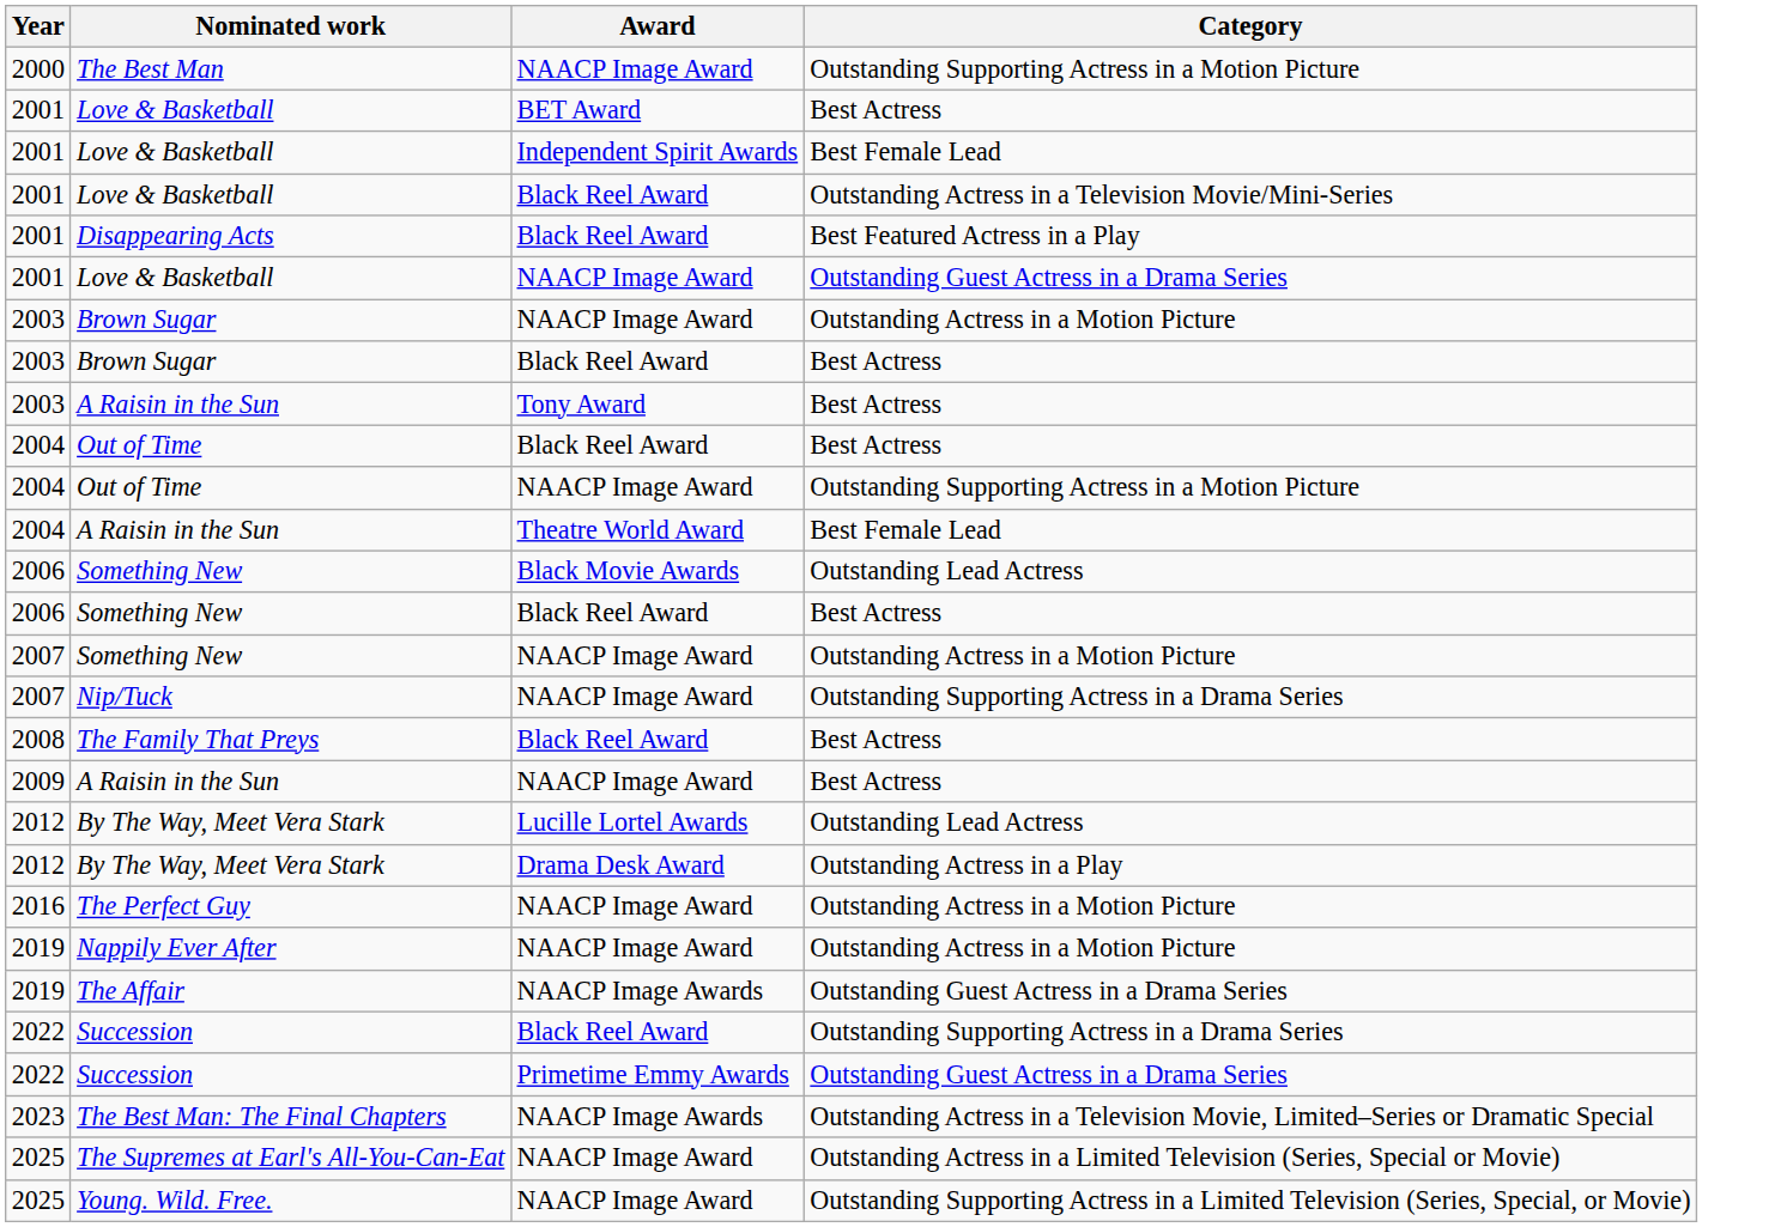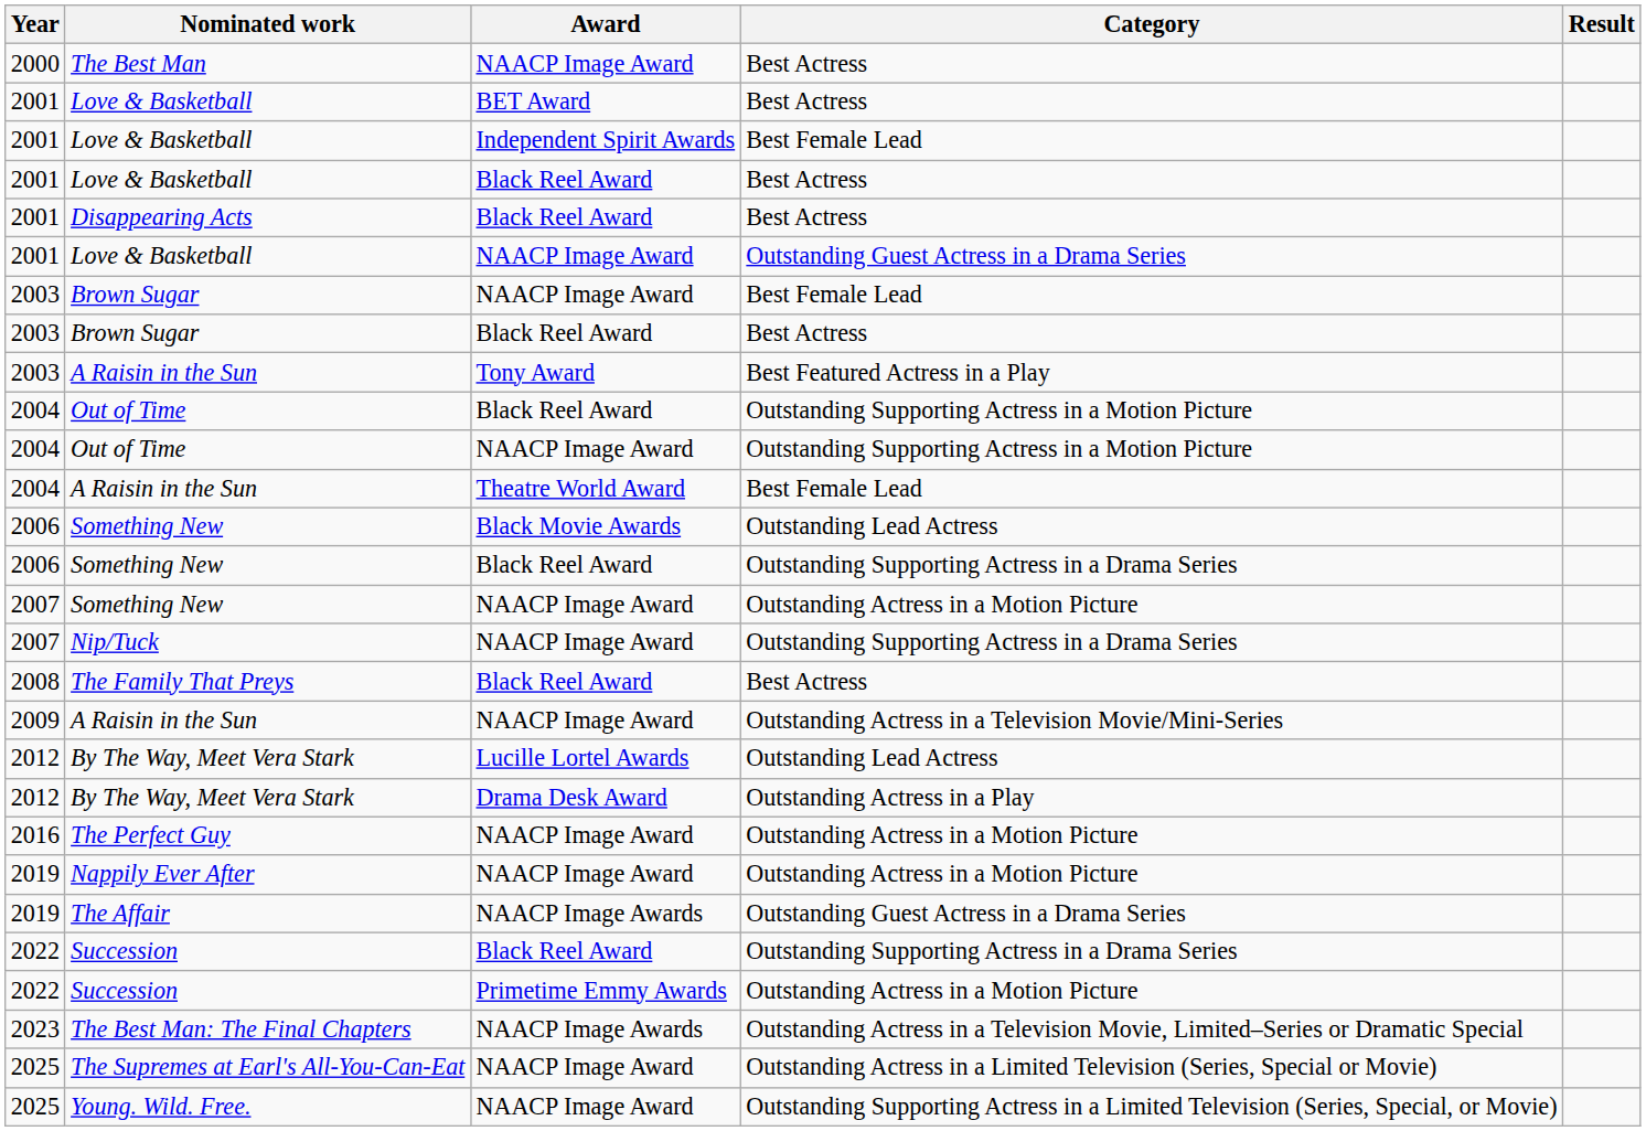 <table class="wikitable">
 <tr>
 <th>Year</th>
 <th>Nominated work</th>
 <th>Award</th>
 <th>Category</th>
+<th>Result</th>
 </tr>
 <tr>
 <td style=“text-aligh:center;”>2000</td>
 <td><em><a href='#'>The Best Man</a></em></td>
 <td><a href='#'>NAACP Image Award</a></td>
-<td>Outstanding Supporting Actress in a Motion Picture</td>
+<td>Best Actress</td>
+<td></td>
 </tr>
 <tr>
 <td style="text-align:center;">2001</td>
 <td><em><a href='#'>Love & Basketball</a></em></td>
 <td><a href='#'>BET Award</a></td>
 <td>Best Actress</td>
+<td></td>
 </tr>
 <tr>
 <td style="text-align:center;">2001</td>
 <td><em>Love & Basketball</em></td>
 <td><a href='#'>Independent Spirit Awards</a></td>
 <td>Best Female Lead</td>
+<td></td>
 </tr>
 <tr>
 <td style="text-align:center;">2001</td>
 <td><em>Love & Basketball</em></td>
 <td><a href='#'>Black Reel Award</a></td>
-<td>Outstanding Actress in a Television Movie/Mini-Series</td>
+<td>Best Actress</td>
+<td></td>
 </tr>
 <tr>
 <td style="text-align:center;">2001</td>
 <td><em><a href='#'>Disappearing Acts</a></em></td>
 <td><a href='#'>Black Reel Award</a></td>
-<td>Best Featured Actress in a Play</td>
+<td>Best Actress</td>
+<td></td>
 </tr>
 <tr>
 <td style="text-align:center;">2001</td>
 <td><em>Love & Basketball</em></td>
 <td><a href='#'>NAACP Image Award</a></td>
 <td><a href='#'>Outstanding Guest Actress in a Drama Series</a></td>
+<td></td>
 </tr>
 <tr>
 <td style="text-align:center;">2003</td>
 <td><em><a href='#'>Brown Sugar</a></em></td>
 <td>NAACP Image Award</td>
-<td>Outstanding Actress in a Motion Picture</td>
+<td>Best Female Lead</td>
+<td></td>
 </tr>
 <tr>
 <td style="text-align:center;">2003</td>
 <td><em>Brown Sugar</em></td>
 <td>Black Reel Award</td>
 <td>Best Actress</td>
+<td></td>
 </tr>
 <tr>
 <td style="text-align:center;">2003</td>
 <td><em><a href='#'>A Raisin in the Sun</a></em></td>
 <td><a href='#'>Tony Award</a></td>
-<td>Best Actress</td>
+<td>Best Featured Actress in a Play</td>
+<td></td>
 </tr>
 <tr>
 <td style="text-align:center;">2004</td>
 <td><em><a href='#'>Out of Time</a></em></td>
 <td>Black Reel Award</td>
-<td>Best Actress</td>
+<td>Outstanding Supporting Actress in a Motion Picture</td>
+<td></td>
 </tr>
 <tr>
 <td style="text-align:center;">2004</td>
 <td><em>Out of Time</em></td>
 <td>NAACP Image Award</td>
 <td>Outstanding Supporting Actress in a Motion Picture</td>
+<td></td>
 </tr>
 <tr>
 <td style="text-align:center;">2004</td>
 <td><em>A Raisin in the Sun</em></td>
 <td><a href='#'>Theatre World Award</a></td>
 <td>Best Female Lead</td>
+<td></td>
 </tr>
 <tr>
 <td style="text-align:center;">2006</td>
 <td><em><a href='#'>Something New</a></em></td>
 <td><a href='#'>Black Movie Awards</a></td>
 <td>Outstanding Lead Actress</td>
+<td></td>
 </tr>
 <tr>
 <td style="text-align:center;">2006</td>
 <td><em>Something New</em></td>
 <td>Black Reel Award</td>
-<td>Best Actress</td>
+<td>Outstanding Supporting Actress in a Drama Series</td>
+<td></td>
 </tr>
 <tr>
 <td style="text-align:center;">2007</td>
 <td><em>Something New</em></td>
 <td>NAACP Image Award</td>
 <td>Outstanding Actress in a Motion Picture</td>
+<td></td>
 </tr>
 <tr>
 <td style="text-align:center;">2007</td>
 <td><em><a href='#'>Nip/Tuck</a></em></td>
 <td>NAACP Image Award</td>
 <td>Outstanding Supporting Actress in a Drama Series</td>
+<td></td>
 </tr>
 <tr>
 <td style="text-align:center;">2008</td>
 <td><em><a href='#'>The Family That Preys</a></em></td>
 <td><a href='#'>Black Reel Award</a></td>
 <td>Best Actress</td>
+<td></td>
 </tr>
 <tr>
 <td style="text-align:center;">2009</td>
 <td><em>A Raisin in the Sun</em></td>
 <td>NAACP Image Award</td>
-<td>Best Actress</td>
+<td>Outstanding Actress in a Television Movie/Mini-Series</td>
+<td></td>
 </tr>
 <tr>
 <td style="text-align:center;">2012</td>
 <td><em>By The Way, Meet Vera Stark</em></td>
 <td><a href='#'>Lucille Lortel Awards</a></td>
 <td>Outstanding Lead Actress</td>
+<td></td>
 </tr>
 <tr>
 <td style="text-align:center;">2012</td>
 <td><em>By The Way, Meet Vera Stark</em></td>
 <td><a href='#'>Drama Desk Award</a></td>
 <td>Outstanding Actress in a Play</td>
+<td></td>
 </tr>
 <tr>
 <td>2016</td>
 <td><a href='#'><em>The Perfect Guy</em></a></td>
 <td>NAACP Image Award</td>
 <td>Outstanding Actress in a Motion Picture</td>
+<td></td>
 </tr>
 <tr>
 <td>2019</td>
 <td><em><a href='#'>Nappily Ever After</a></em></td>
 <td>NAACP Image Award</td>
 <td>Outstanding Actress in a Motion Picture</td>
+<td></td>
 </tr>
 <tr>
 <td>2019</td>
 <td><em><a href='#'>The Affair</a></em></td>
 <td>NAACP Image Awards</td>
 <td>Outstanding Guest Actress in a Drama Series</td>
+<td></td>
 </tr>
 <tr>
 <td>2022</td>
 <td><a href='#'><em>Succession</em></a></td>
 <td><a href='#'>Black Reel Award</a></td>
 <td>Outstanding Supporting Actress in a Drama Series</td>
+<td></td>
 </tr>
 <tr>
 <td>2022</td>
 <td><a href='#'><em>Succession</em></a></td>
 <td><a href='#'>Primetime Emmy Awards</a></td>
-<td><a href='#'>Outstanding Guest Actress in a Drama Series</a></td>
+<td>Outstanding Actress in a Motion Picture</td>
+<td></td>
 </tr>
 <tr>
 <td>2023</td>
 <td><em><a href='#'>The Best Man: The Final Chapters </a></em></td>
 <td>NAACP Image Awards</td>
 <td>Outstanding Actress in a Television Movie, Limited–Series or Dramatic Special</td>
+<td></td>
 </tr>
 <tr>
 <td>2025</td>
 <td><em><a href='#'>The Supremes at Earl's All-You-Can-Eat</a></em></td>
 <td>NAACP Image Award</td>
 <td>Outstanding Actress in a Limited Television (Series, Special or Movie)</td>
+<td></td>
 </tr>
 <tr>
 <td>2025</td>
 <td><em><a href='#'>Young. Wild. Free.</a></em></td>
 <td>NAACP Image Award</td>
 <td>Outstanding Supporting Actress in a Limited Television (Series, Special, or Movie)</td>
+<td></td>
 </tr>
 </table>
